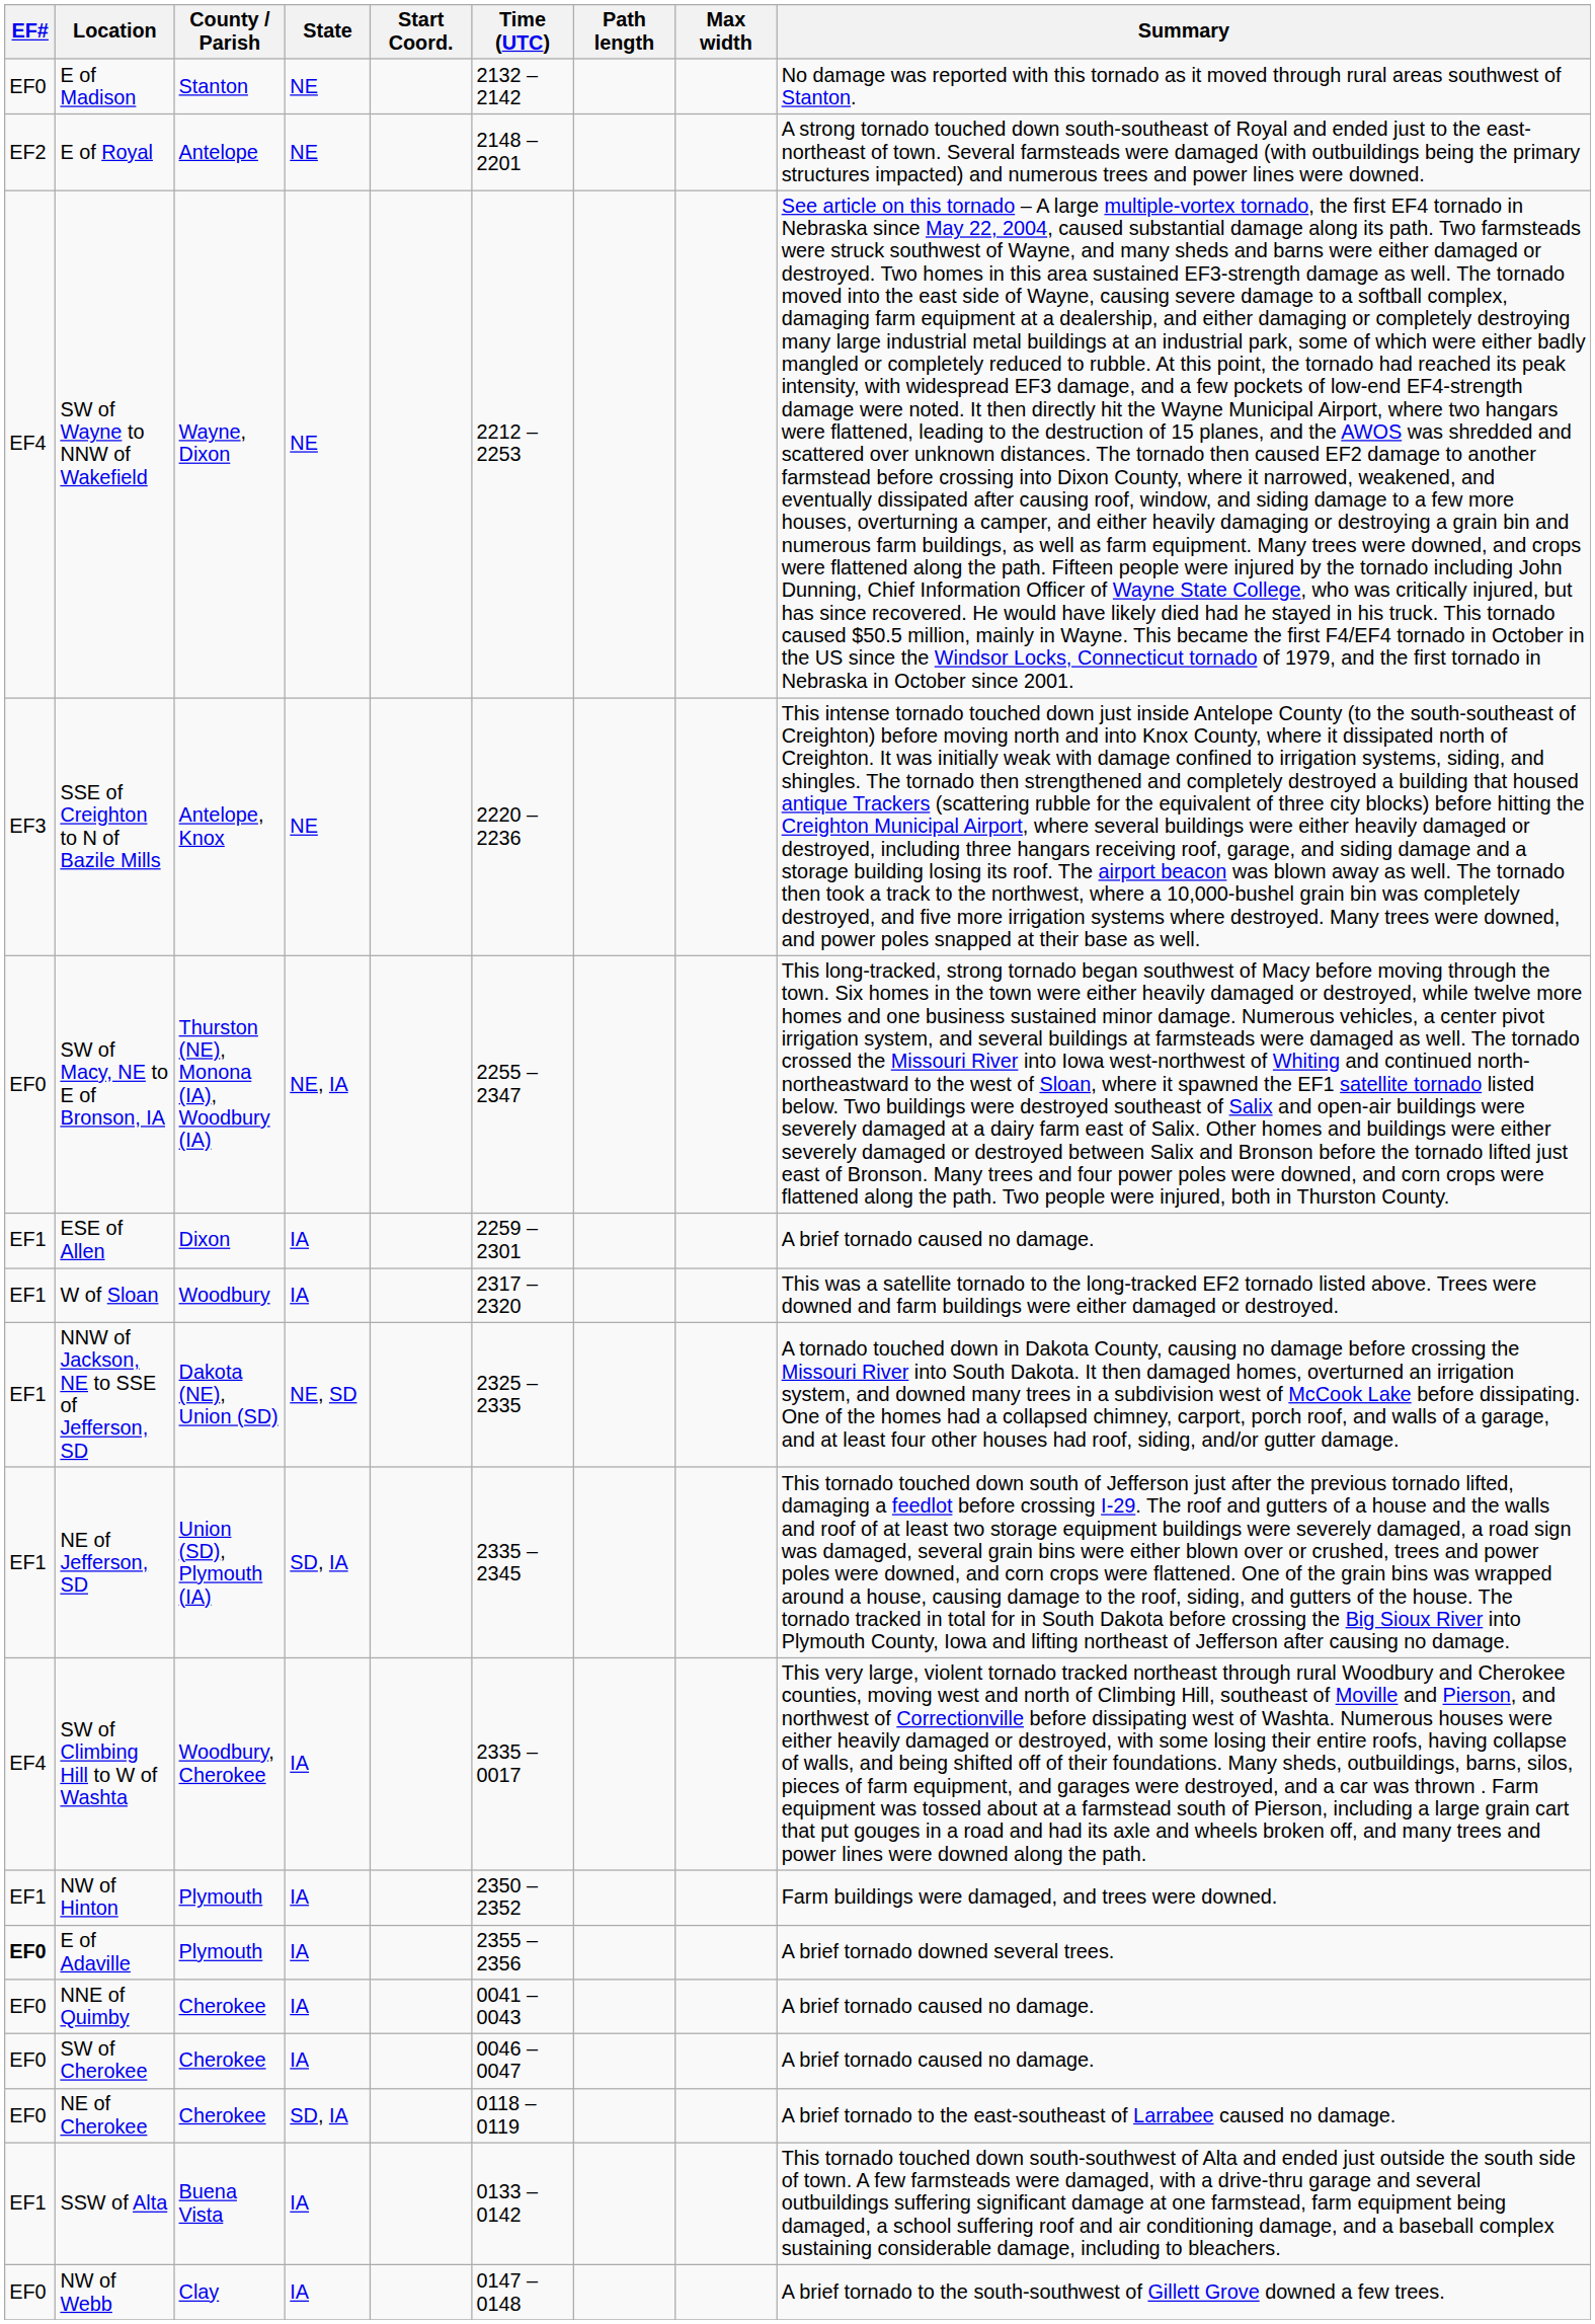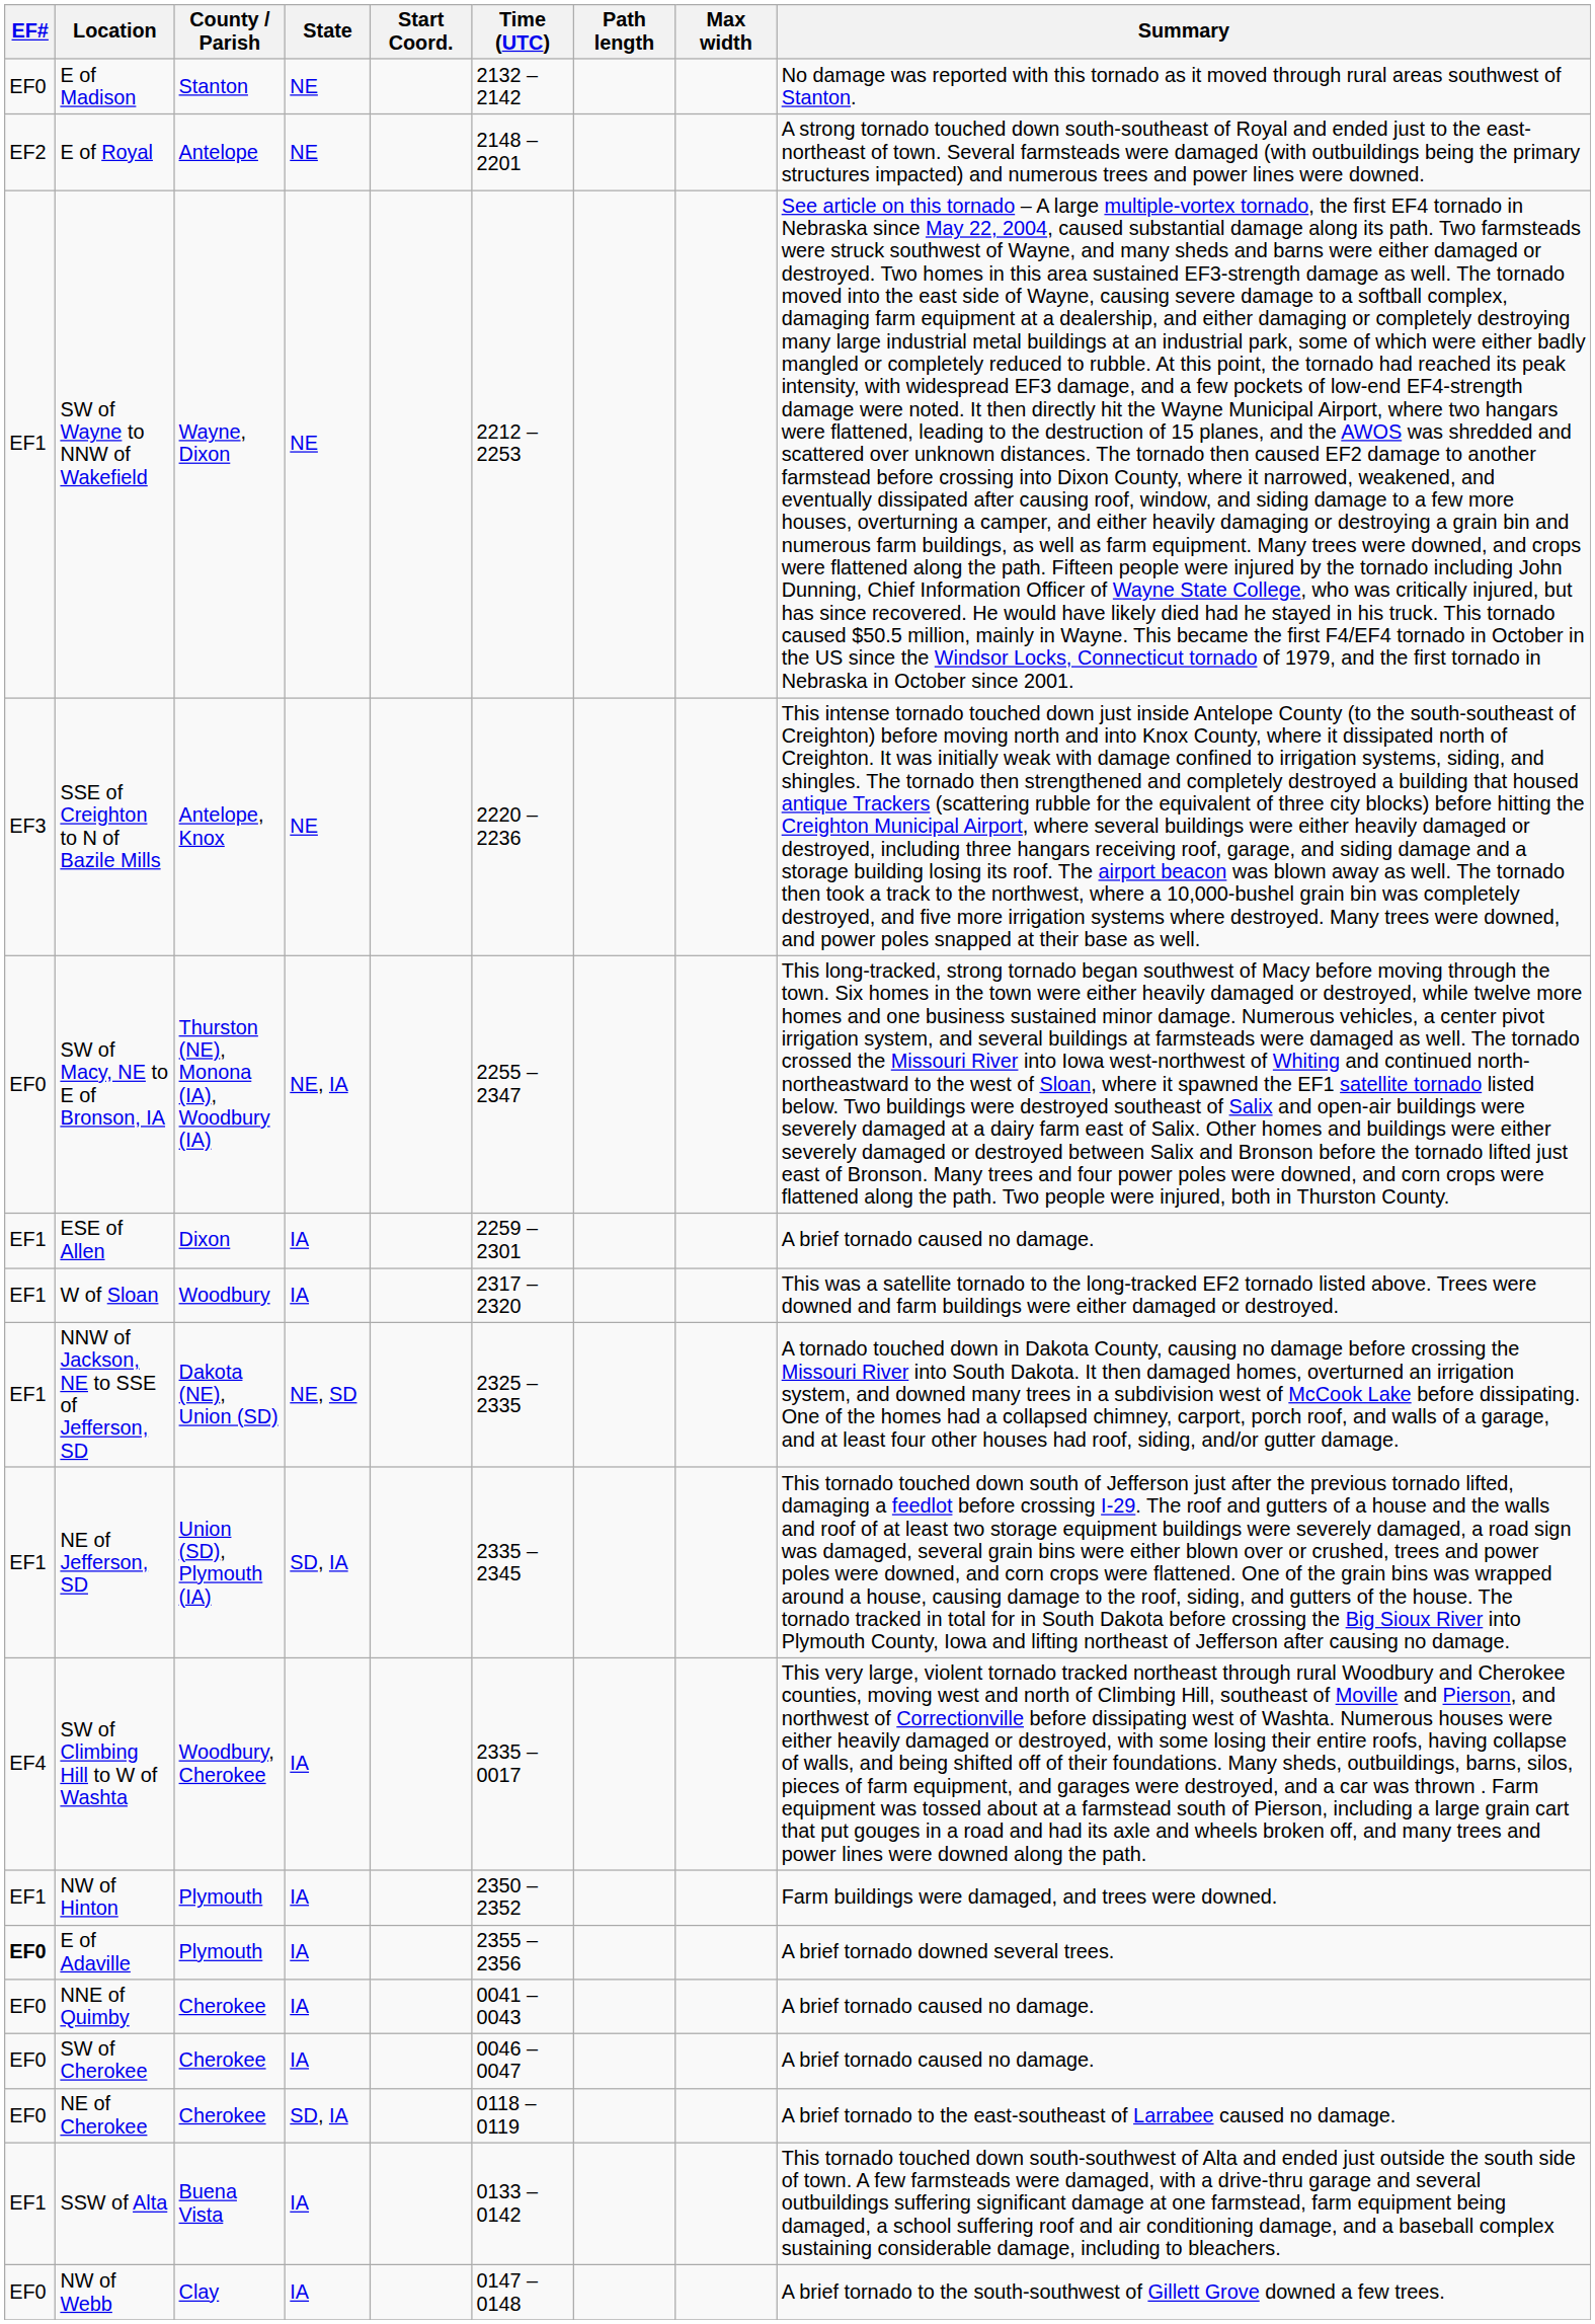 <table class="wikitable sortable" style="width:100%;">
 <tr>
 <th scope="col"  style="width:3%; text-align:center;"><a href='#'>EF#</a></th>
 <th scope="col"  style="width:7%; text-align:center;" class="unsortable">Location</th>
 <th scope="col"  style="width:6%; text-align:center;" class="unsortable">County / Parish</th>
 <th scope="col"  style="width:5%; text-align:center;">State</th>
 <th scope="col"  style="width:6%; text-align:center;">Start Coord.</th>
 <th scope="col"  style="width:6%; text-align:center;">Time (<a href='#'>UTC</a>)</th>
 <th scope="col"  style="width:6%; text-align:center;">Path length</th>
 <th scope="col"  style="width:6%; text-align:center;">Max width</th>
 <th scope="col" class="unsortable" style="width:48%; text-align:center;">Summary</th>
 </tr>
 <tr>
 <td>EF0</td>
 <td>E of <a href='#'>Madison</a></td>
 <td><a href='#'>Stanton</a></td>
 <td><a href='#'>NE</a></td>
 <td></td>
 <td>2132 – 2142</td>
 <td></td>
 <td></td>
 <td>No damage was reported with this tornado as it moved through rural areas southwest of <a href='#'>Stanton</a>.</td>
 </tr>
 <tr>
 <td>EF2</td>
 <td>E of <a href='#'>Royal</a></td>
 <td><a href='#'>Antelope</a></td>
 <td><a href='#'>NE</a></td>
 <td></td>
 <td>2148 – 2201</td>
 <td></td>
 <td></td>
 <td>A strong tornado touched down south-southeast of Royal and ended just to the east-northeast of town. Several farmsteads were damaged (with outbuildings being the primary structures impacted) and numerous trees and power lines were downed.</td>
 </tr>
 <tr>
-<td>EF4</td>
+<td>EF1</td>
 <td>SW of <a href='#'>Wayne</a> to NNW of <a href='#'>Wakefield</a></td>
 <td><a href='#'>Wayne</a>, <a href='#'>Dixon</a></td>
 <td><a href='#'>NE</a></td>
 <td></td>
 <td>2212 – 2253</td>
 <td></td>
 <td></td>
 <td><a href='#'>See article on this tornado</a> – A large <a href='#'>multiple-vortex tornado</a>, the first EF4 tornado in Nebraska since <a href='#'>May 22, 2004</a>, caused substantial damage along its path. Two farmsteads were struck southwest of Wayne, and many sheds and barns were either damaged or destroyed. Two homes in this area sustained EF3-strength damage as well. The tornado moved into the east side of Wayne, causing severe damage to a softball complex, damaging farm equipment at a dealership, and either damaging or completely destroying many large industrial metal buildings at an industrial park, some of which were either badly mangled or completely reduced to rubble. At this point, the tornado had reached its peak intensity, with widespread EF3 damage, and a few pockets of low-end EF4-strength damage were noted. It then directly hit the Wayne Municipal Airport, where two hangars were flattened, leading to the destruction of 15 planes, and the <a href='#'>AWOS</a> was shredded and scattered over unknown distances. The tornado then caused EF2 damage to another farmstead before crossing into Dixon County, where it narrowed, weakened, and eventually dissipated after causing roof, window, and siding damage to a few more houses, overturning a camper, and either heavily damaging or destroying a grain bin and numerous farm buildings, as well as farm equipment. Many trees were downed, and crops were flattened along the path. Fifteen people were injured by the tornado including John Dunning, Chief Information Officer of <a href='#'>Wayne State College</a>, who was critically injured, but has since recovered. He would have likely died had he stayed in his truck. This tornado caused $50.5 million, mainly in Wayne. This became the first F4/EF4 tornado in October in the US since the <a href='#'>Windsor Locks, Connecticut tornado</a> of 1979, and the first tornado in Nebraska in October since 2001.</td>
 </tr>
 <tr>
 <td>EF3</td>
 <td>SSE of <a href='#'>Creighton</a> to N of <a href='#'>Bazile Mills</a></td>
 <td><a href='#'>Antelope</a>, <a href='#'>Knox</a></td>
 <td><a href='#'>NE</a></td>
 <td></td>
 <td>2220 – 2236</td>
 <td></td>
 <td></td>
 <td>This intense tornado touched down just inside Antelope County (to the south-southeast of Creighton) before moving north and into Knox County, where it dissipated  north of Creighton. It was initially weak with damage confined to irrigation systems, siding, and shingles. The tornado then strengthened and completely destroyed a building that housed <a href='#'>antique Trackers</a> (scattering rubble for the equivalent of three city blocks) before hitting the <a href='#'>Creighton Municipal Airport</a>, where several buildings were either heavily damaged or destroyed, including three hangars receiving roof, garage, and siding damage and a storage building losing its roof. The <a href='#'>airport beacon</a> was blown away as well. The tornado then took a track to the northwest, where a 10,000-bushel grain bin was completely destroyed, and five more irrigation systems where destroyed. Many trees were downed, and power poles snapped at their base as well.</td>
 </tr>
 <tr>
 <td>EF0</td>
 <td>SW of <a href='#'>Macy, NE</a> to E of <a href='#'>Bronson, IA</a></td>
 <td><a href='#'>Thurston (NE)</a>, <a href='#'>Monona (IA)</a>, <a href='#'>Woodbury (IA)</a></td>
 <td><a href='#'>NE</a>, <a href='#'>IA</a></td>
 <td></td>
 <td>2255 – 2347</td>
 <td></td>
 <td></td>
 <td>This long-tracked, strong tornado began southwest of Macy before moving through the town. Six homes in the town were either heavily damaged or destroyed, while twelve more homes and one business sustained minor damage. Numerous vehicles, a center pivot irrigation system, and several buildings at farmsteads were damaged as well. The tornado crossed the <a href='#'>Missouri River</a> into Iowa west-northwest of <a href='#'>Whiting</a> and continued north-northeastward to the west of <a href='#'>Sloan</a>, where it spawned the EF1 <a href='#'>satellite tornado</a> listed below. Two buildings were destroyed southeast of <a href='#'>Salix</a> and open-air buildings were severely damaged at a dairy farm east of Salix. Other homes and buildings were either severely damaged or destroyed between Salix and Bronson before the tornado lifted just east of Bronson. Many trees and four power poles were downed, and corn crops were flattened along the path. Two people were injured, both in Thurston County.</td>
 </tr>
 <tr>
 <td>EF1</td>
 <td>ESE of <a href='#'>Allen</a></td>
 <td><a href='#'>Dixon</a></td>
 <td><a href='#'>IA</a></td>
 <td></td>
 <td>2259 – 2301</td>
 <td></td>
 <td></td>
 <td>A brief tornado caused no damage.</td>
 </tr>
 <tr>
 <td>EF1</td>
 <td>W of <a href='#'>Sloan</a></td>
 <td><a href='#'>Woodbury</a></td>
 <td><a href='#'>IA</a></td>
 <td></td>
 <td>2317 – 2320</td>
 <td></td>
 <td></td>
 <td>This was a satellite tornado to the long-tracked EF2 tornado listed above. Trees were downed and farm buildings were either damaged or destroyed.</td>
 </tr>
 <tr>
 <td>EF1</td>
 <td>NNW of <a href='#'>Jackson, NE</a> to SSE of <a href='#'>Jefferson, SD</a></td>
 <td><a href='#'>Dakota (NE)</a>, <a href='#'>Union (SD)</a></td>
 <td><a href='#'>NE</a>, <a href='#'>SD</a></td>
 <td></td>
 <td>2325 – 2335</td>
 <td></td>
 <td></td>
 <td>A tornado touched down in Dakota County, causing no damage before crossing the <a href='#'>Missouri River</a> into South Dakota. It then damaged homes, overturned an irrigation system, and downed many trees in a subdivision west of <a href='#'>McCook Lake</a> before dissipating. One of the homes had a collapsed chimney, carport, porch roof, and walls of a garage, and at least four other houses had roof, siding, and/or gutter damage.</td>
 </tr>
 <tr>
 <td>EF1</td>
 <td>NE of <a href='#'>Jefferson, SD</a></td>
 <td><a href='#'>Union (SD)</a>, <a href='#'>Plymouth (IA)</a></td>
 <td><a href='#'>SD</a>, <a href='#'>IA</a></td>
 <td></td>
 <td>2335 – 2345</td>
 <td></td>
 <td></td>
 <td>This tornado touched down south of Jefferson just after the previous tornado lifted, damaging a <a href='#'>feedlot</a> before crossing <a href='#'>I-29</a>. The roof and gutters of a house and the walls and roof of at least two storage equipment buildings were severely damaged, a road sign was damaged, several grain bins were either blown over or crushed, trees and power poles were downed, and corn crops were flattened. One of the grain bins was wrapped around a house, causing damage to the roof, siding, and gutters of the house. The tornado tracked in total for  in South Dakota before crossing the <a href='#'>Big Sioux River</a> into Plymouth County, Iowa and lifting  northeast of Jefferson after causing no damage.</td>
 </tr>
 <tr>
 <td>EF4</td>
 <td>SW of <a href='#'>Climbing Hill</a> to W of <a href='#'>Washta</a></td>
 <td><a href='#'>Woodbury</a>, <a href='#'>Cherokee</a></td>
 <td><a href='#'>IA</a></td>
 <td></td>
 <td>2335 – 0017</td>
 <td></td>
 <td></td>
 <td>This very large, violent tornado tracked northeast through rural Woodbury and Cherokee counties, moving west and north of Climbing Hill, southeast of <a href='#'>Moville</a> and <a href='#'>Pierson</a>, and northwest of <a href='#'>Correctionville</a> before dissipating west of Washta. Numerous houses were either heavily damaged or destroyed, with some losing their entire roofs, having collapse of walls, and being shifted off of their foundations. Many sheds, outbuildings, barns, silos, pieces of farm equipment, and garages were destroyed, and a car was thrown . Farm equipment was tossed about  at a farmstead south of Pierson, including a large grain cart that put gouges in a road and had its axle and wheels broken off, and many trees and power lines were downed along the path.</td>
 </tr>
 <tr>
 <td>EF1</td>
 <td>NW of <a href='#'>Hinton</a></td>
 <td><a href='#'>Plymouth</a></td>
 <td><a href='#'>IA</a></td>
 <td></td>
 <td>2350 – 2352</td>
 <td></td>
 <td></td>
 <td>Farm buildings were damaged, and trees were downed.</td>
 </tr>
 <tr>
 <td><strong>EF0</strong></td>
 <td>E of <a href='#'>Adaville</a></td>
 <td><a href='#'>Plymouth</a></td>
 <td><a href='#'>IA</a></td>
 <td></td>
 <td>2355 – 2356</td>
 <td></td>
 <td></td>
 <td>A brief tornado downed several trees.</td>
 </tr>
 <tr>
 <td>EF0</td>
 <td>NNE of <a href='#'>Quimby</a></td>
 <td><a href='#'>Cherokee</a></td>
 <td><a href='#'>IA</a></td>
 <td></td>
 <td>0041 – 0043</td>
 <td></td>
 <td></td>
 <td>A brief tornado caused no damage.</td>
 </tr>
 <tr>
 <td>EF0</td>
 <td>SW of <a href='#'>Cherokee</a></td>
 <td><a href='#'>Cherokee</a></td>
 <td><a href='#'>IA</a></td>
 <td></td>
 <td>0046 – 0047</td>
 <td></td>
 <td></td>
 <td>A brief tornado caused no damage.</td>
 </tr>
 <tr>
 <td>EF0</td>
 <td>NE of <a href='#'>Cherokee</a></td>
 <td><a href='#'>Cherokee</a></td>
 <td><a href='#'>SD</a>, <a href='#'>IA</a></td>
 <td></td>
 <td>0118 – 0119</td>
 <td></td>
 <td></td>
 <td>A brief tornado to the east-southeast of <a href='#'>Larrabee</a> caused no damage.</td>
 </tr>
 <tr>
 <td>EF1</td>
 <td>SSW of <a href='#'>Alta</a></td>
 <td><a href='#'>Buena Vista</a></td>
 <td><a href='#'>IA</a></td>
 <td></td>
 <td>0133 – 0142</td>
 <td></td>
 <td></td>
 <td>This tornado touched down  south-southwest of Alta and ended just outside the south side of town. A few farmsteads were damaged, with a drive-thru garage and several outbuildings suffering significant damage at one farmstead, farm equipment being damaged, a school suffering roof and air conditioning damage, and a baseball complex sustaining considerable damage, including to bleachers.</td>
 </tr>
 <tr>
 <td>EF0</td>
 <td>NW of <a href='#'>Webb</a></td>
 <td><a href='#'>Clay</a></td>
 <td><a href='#'>IA</a></td>
 <td></td>
 <td>0147 – 0148</td>
 <td></td>
 <td></td>
 <td>A brief tornado to the south-southwest of <a href='#'>Gillett Grove</a> downed a few trees.</td>
 </tr>
 </table>
